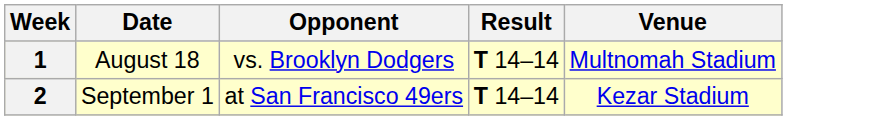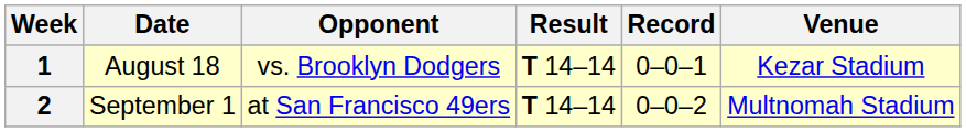 <table class="wikitable" style="text-align:center">
 <tr>
 <th>Week</th>
 <th>Date</th>
 <th>Opponent</th>
 <th>Result</th>
+<th>Record</th>
 <th>Venue</th>
 </tr>
 <tr style="background:#ffc">
 <th>1</th>
 <td>August 18</td>
 <td>vs. <a href='#'>Brooklyn Dodgers</a></td>
 <td><strong>T</strong> 14–14</td>
-<td><a href='#'>Multnomah Stadium</a></td>
+<td>0–0–1</td>
+<td><a href='#'>Kezar Stadium</a></td>
 </tr>
 <tr style="background:#ffc">
 <th>2</th>
 <td>September 1</td>
 <td>at <a href='#'>San Francisco 49ers</a></td>
 <td><strong>T</strong> 14–14</td>
-<td><a href='#'>Kezar Stadium</a></td>
+<td>0–0–2</td>
+<td><a href='#'>Multnomah Stadium</a></td>
 </tr>
 </table>
